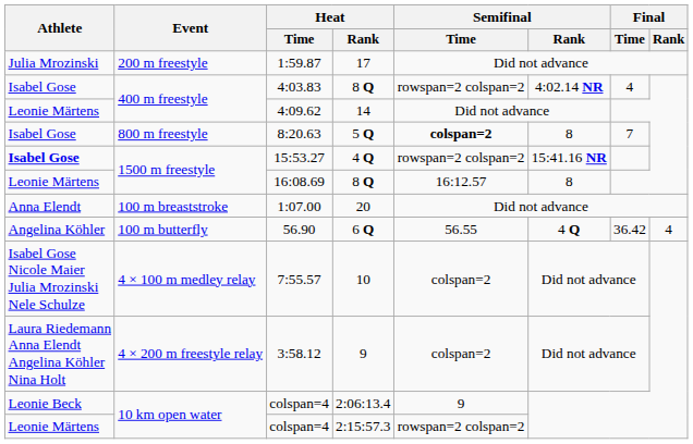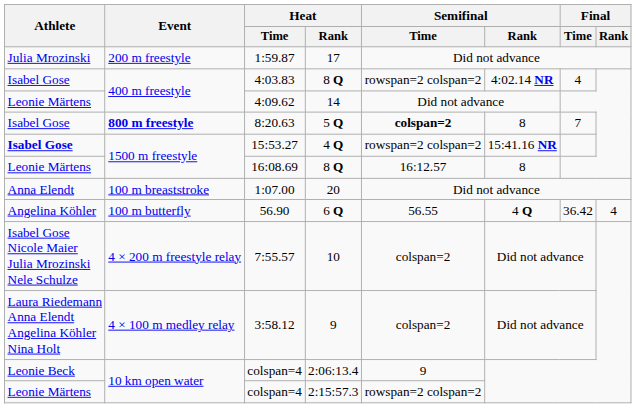 <table class=wikitable style="font-size:90%;">
 <tr>
 <th rowspan=2>Athlete</th>
 <th rowspan=2>Event</th>
 <th colspan=2>Heat</th>
 <th colspan=2>Semifinal</th>
 <th colspan=2>Final</th>
 </tr>
 <tr style="font-size:95%">
 <th>Time</th>
 <th>Rank</th>
 <th>Time</th>
 <th>Rank</th>
 <th>Time</th>
 <th>Rank</th>
 </tr>
 <tr align=center>
 <td align=left><a href='#'>Julia Mrozinski</a></td>
 <td align=left><a href='#'>200 m freestyle</a></td>
 <td>1:59.87</td>
 <td>17</td>
 <td colspan="4">Did not advance</td>
 </tr>
 <tr align=center>
 <td align=left><a href='#'>Isabel Gose</a></td>
 <td align=left rowspan=2><a href='#'>400 m freestyle</a></td>
 <td>4:03.83</td>
 <td>8 <strong>Q</strong></td>
 <td>rowspan=2 colspan=2 </td>
 <td>4:02.14 <strong><a href='#'>NR</a></strong></td>
 <td>4</td>
 </tr>
 <tr align=center>
 <td align=left><a href='#'>Leonie Märtens</a></td>
 <td>4:09.62</td>
 <td>14</td>
 <td colspan="2">Did not advance</td>
 </tr>
 <tr align=center>
 <td align=left><a href='#'>Isabel Gose</a></td>
-<td align=left><a href='#'>800 m freestyle</a></td>
+<td align=left><strong><a href='#'>800 m freestyle</a></strong></td>
 <td>8:20.63</td>
 <td>5 <strong>Q</strong></td>
 <td><strong>colspan=2 </strong></td>
 <td>8</td>
 <td>7</td>
 </tr>
 <tr align=center>
 <td align=left><strong><a href='#'>Isabel Gose</a></strong></td>
 <td align=left rowspan=2><a href='#'>1500 m freestyle</a></td>
 <td>15:53.27</td>
 <td>4 <strong>Q</strong></td>
 <td>rowspan=2 colspan=2 </td>
 <td>15:41.16 <strong><a href='#'>NR</a></strong></td>
 <td></td>
 </tr>
 <tr align=center>
 <td align=left><a href='#'>Leonie Märtens</a></td>
 <td>16:08.69</td>
 <td>8 <strong>Q</strong></td>
 <td>16:12.57</td>
 <td>8</td>
 </tr>
 <tr align=center>
 <td align=left><a href='#'>Anna Elendt</a></td>
 <td align=left><a href='#'>100 m breaststroke</a></td>
 <td>1:07.00</td>
 <td>20</td>
 <td colspan="4">Did not advance</td>
 </tr>
 <tr align=center>
 <td align=left><a href='#'>Angelina Köhler</a></td>
 <td align=left><a href='#'>100 m butterfly</a></td>
 <td>56.90</td>
 <td>6 <strong>Q</strong></td>
 <td>56.55</td>
 <td>4 <strong>Q</strong></td>
 <td>36.42</td>
 <td>4</td>
 </tr>
 <tr align=center>
 <td align=left><a href='#'>Isabel Gose</a><br><a href='#'>Nicole Maier</a><br><a href='#'>Julia Mrozinski</a><br><a href='#'>Nele Schulze</a></td>
-<td align=left><a href='#'>4 × 100 m medley relay</a></td>
+<td align=left><a href='#'>4 × 200 m freestyle relay</a></td>
 <td>7:55.57</td>
 <td>10</td>
 <td>colspan=2 </td>
 <td colspan=2>Did not advance</td>
 </tr>
 <tr align=center>
 <td align=left><a href='#'>Laura Riedemann</a><br><a href='#'>Anna Elendt</a><br><a href='#'>Angelina Köhler</a><br><a href='#'>Nina Holt</a></td>
-<td align=left><a href='#'>4 × 200 m freestyle relay</a></td>
+<td align=left><a href='#'>4 × 100 m medley relay</a></td>
 <td>3:58.12</td>
 <td>9</td>
 <td>colspan=2 </td>
 <td colspan=2>Did not advance</td>
 </tr>
 <tr align=center>
 <td align=left><a href='#'>Leonie Beck</a></td>
 <td align=left rowspan=2><a href='#'>10 km open water</a></td>
 <td>colspan=4 </td>
 <td>2:06:13.4</td>
 <td>9</td>
 </tr>
 <tr align=center>
 <td align=left><a href='#'>Leonie Märtens</a></td>
 <td>colspan=4 </td>
 <td>2:15:57.3</td>
 <td>rowspan=2 colspan=2 </td>
 </tr>
 </table>
